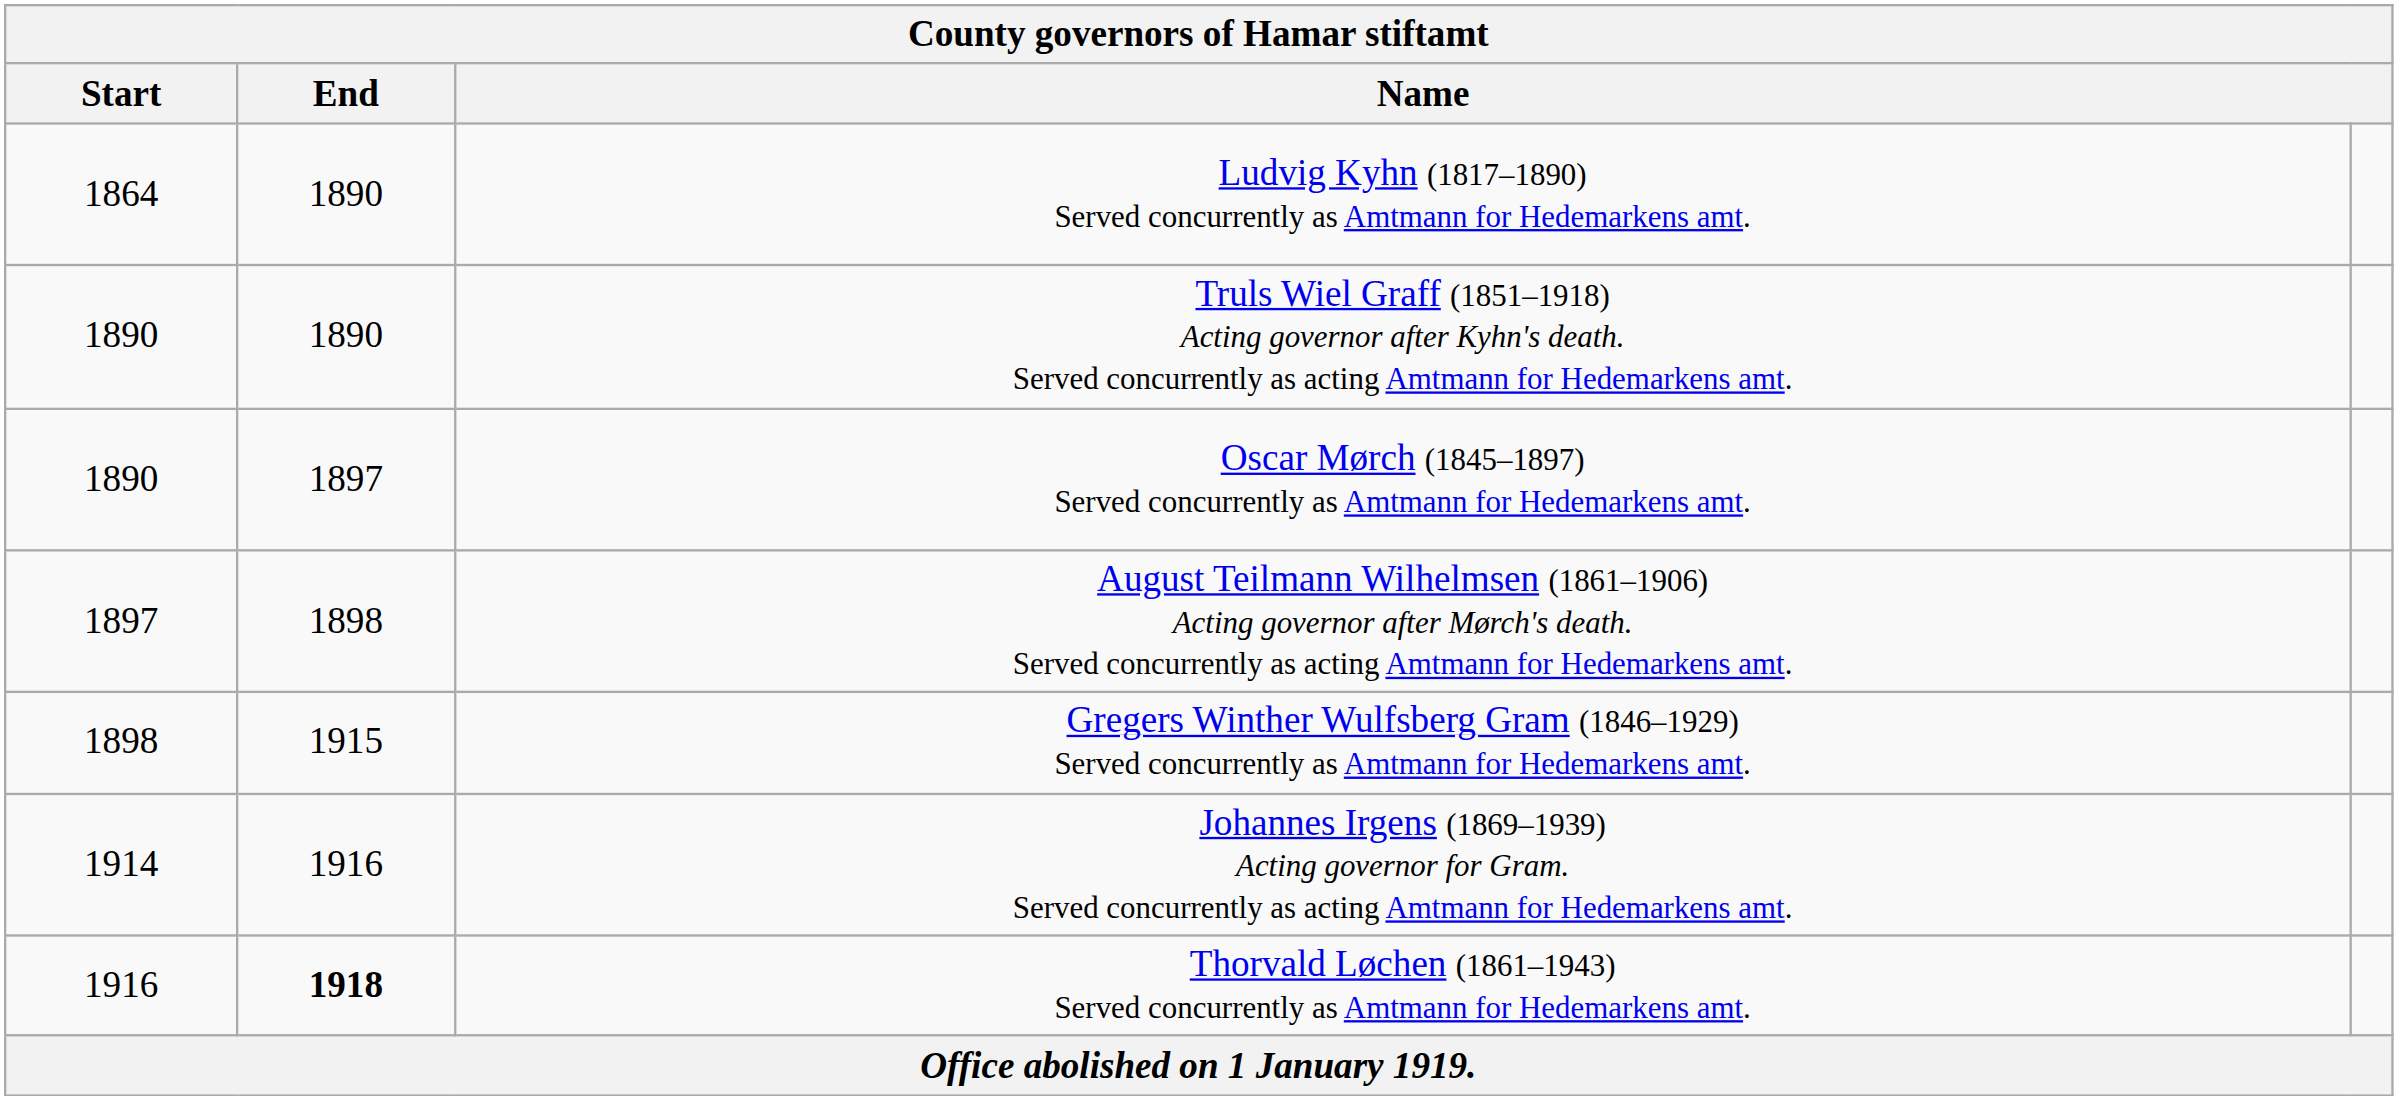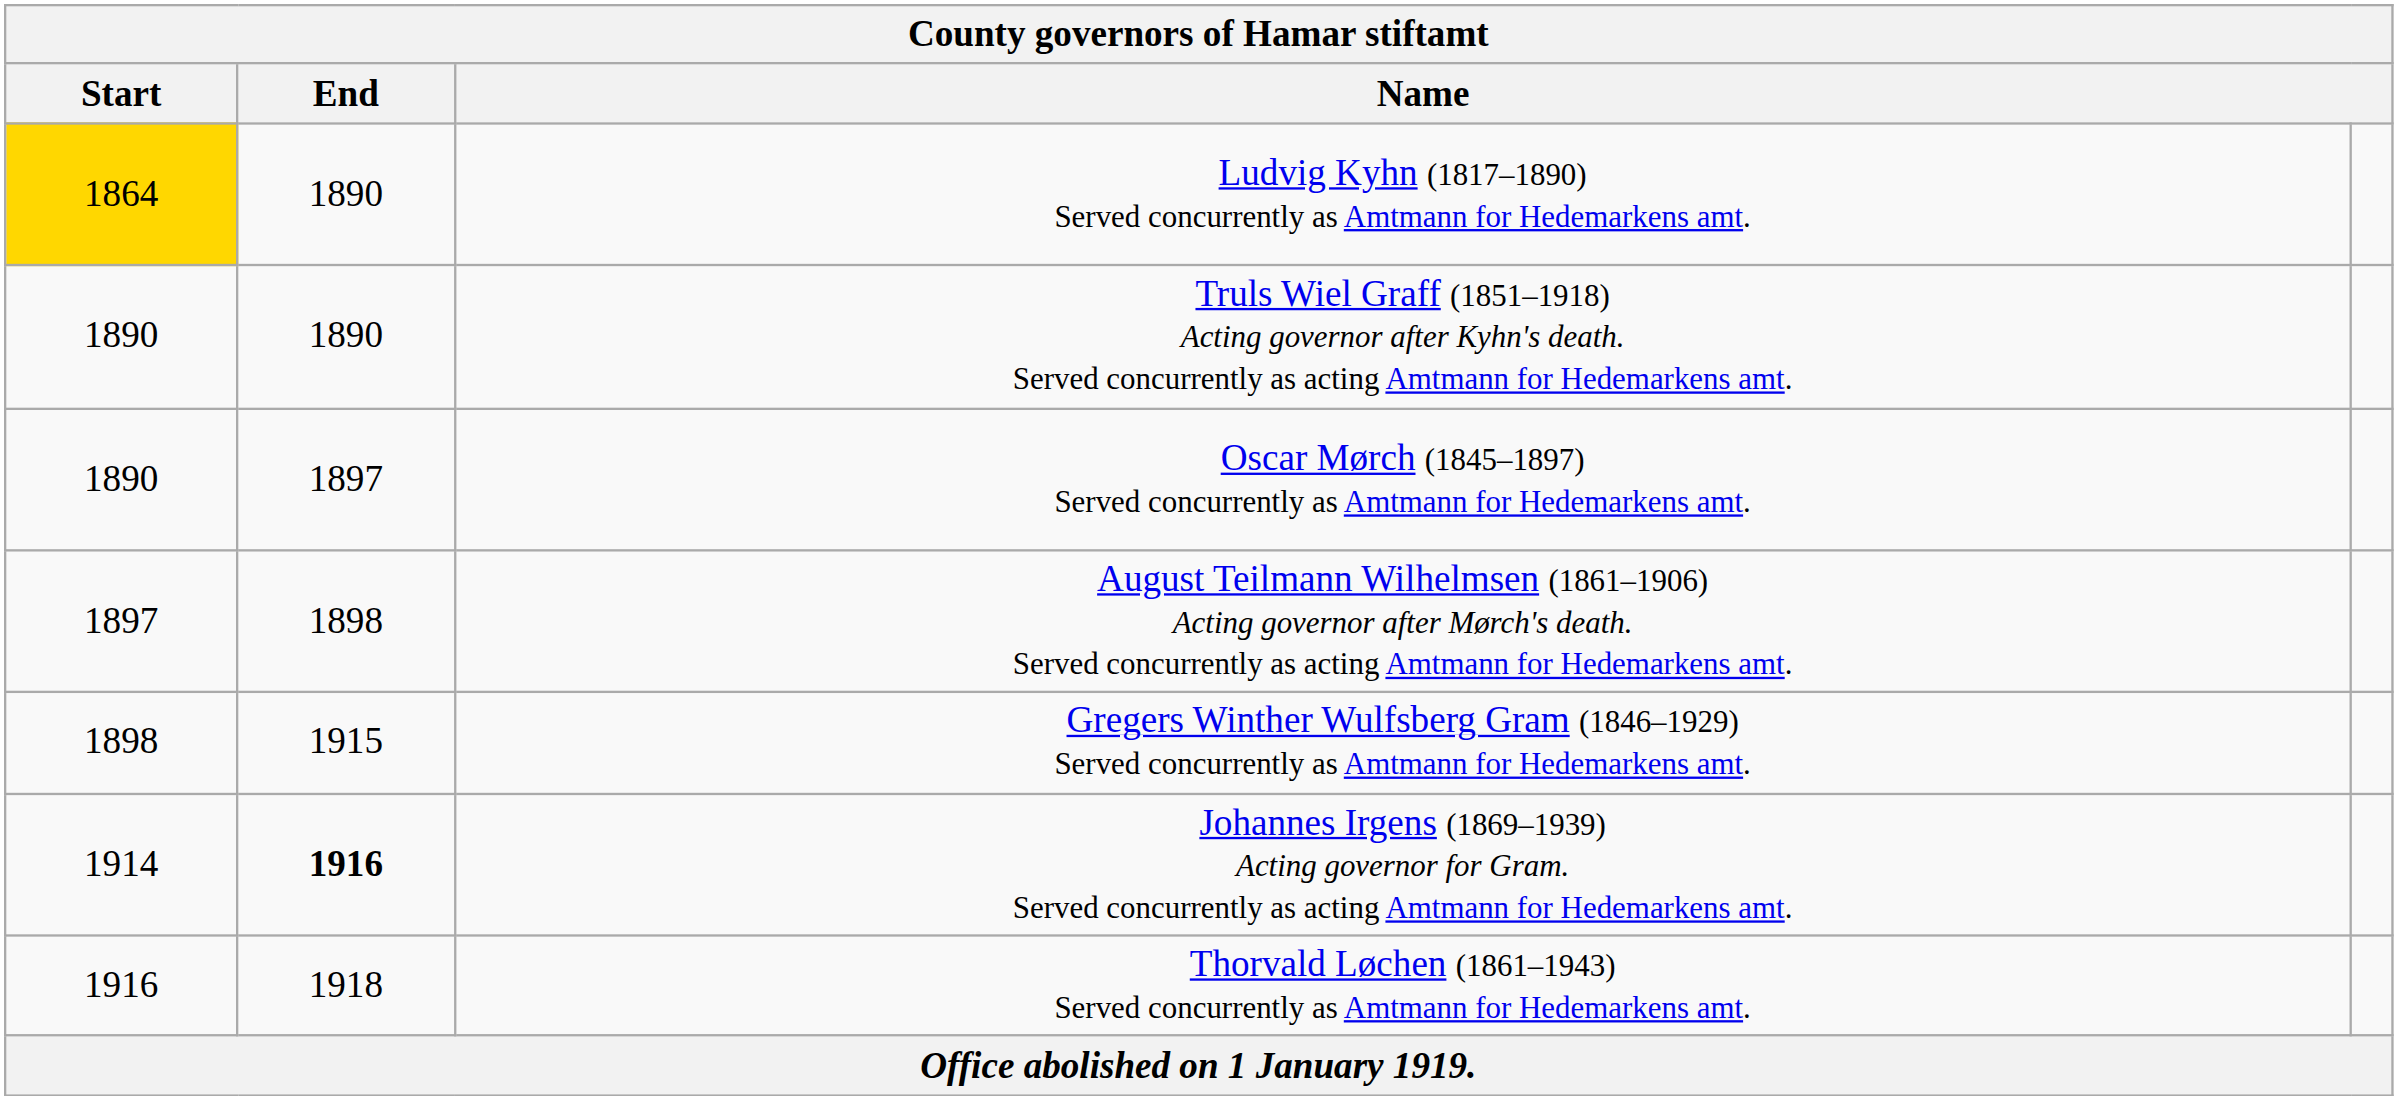 <table class="wikitable" style="text-align:center; width:65%;">
 <tr>
 <th colspan=4>County governors of Hamar stiftamt</th>
 </tr>
 <tr>
 <th>Start</th>
 <th>End</th>
 <th colspan="2">Name</th>
 </tr>
 <tr>
-<td>1864</td>
+<td style="background: gold;">1864</td>
 <td>1890</td>
 <td><a href='#'>Ludvig Kyhn</a> <small>(1817–1890)<br>Served concurrently as <a href='#'>Amtmann for Hedemarkens amt</a>.</small></td>
 <td><br><br><br></td>
 </tr>
 <tr>
 <td>1890</td>
 <td>1890</td>
 <td><a href='#'>Truls Wiel Graff</a> <small>(1851–1918)<br><em>Acting governor after Kyhn's death.</em><br>Served concurrently as acting <a href='#'>Amtmann for Hedemarkens amt</a>.</small></td>
 <td><br><br><br></td>
 </tr>
 <tr>
 <td>1890</td>
 <td>1897</td>
 <td><a href='#'>Oscar Mørch</a> <small>(1845–1897)<br>Served concurrently as <a href='#'>Amtmann for Hedemarkens amt</a>.</small></td>
 <td><br><br><br></td>
 </tr>
 <tr>
 <td>1897</td>
 <td>1898</td>
 <td><a href='#'>August Teilmann Wilhelmsen</a> <small>(1861–1906)<br><em>Acting governor after Mørch's death.</em><br>Served concurrently as acting <a href='#'>Amtmann for Hedemarkens amt</a>.</small></td>
 <td><br><br><br></td>
 </tr>
 <tr>
 <td>1898</td>
 <td>1915</td>
 <td><a href='#'>Gregers Winther Wulfsberg Gram</a> <small>(1846–1929)<br>Served concurrently as <a href='#'>Amtmann for Hedemarkens amt</a>.</small></td>
 <td></td>
 </tr>
 <tr>
 <td>1914</td>
-<td>1916</td>
+<td><strong>1916</strong></td>
 <td><a href='#'>Johannes Irgens</a> <small>(1869–1939)<br><em>Acting governor for Gram.</em><br>Served concurrently as acting <a href='#'>Amtmann for Hedemarkens amt</a>.</small></td>
 <td></td>
 </tr>
 <tr>
 <td>1916</td>
-<td><strong>1918</strong></td>
+<td>1918</td>
 <td><a href='#'>Thorvald Løchen</a> <small>(1861–1943)<br>Served concurrently as <a href='#'>Amtmann for Hedemarkens amt</a>.</small></td>
 <td></td>
 </tr>
 <tr>
 <th colspan=4><em>Office abolished on 1 January 1919.</em></th>
 </tr>
 </table>
